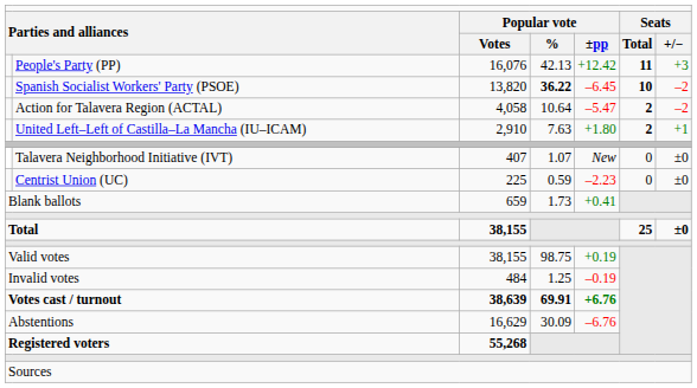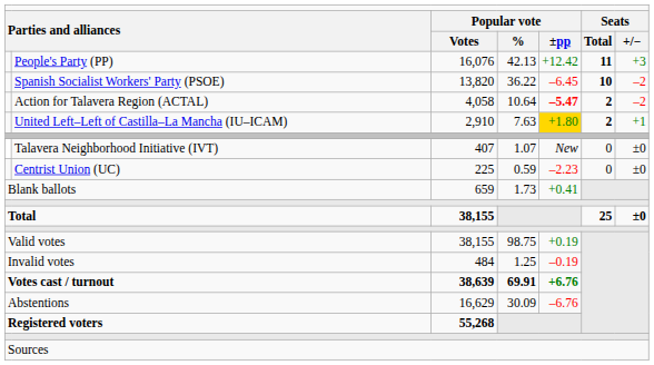 <table class="wikitable" style="text-align:right;">
 <tr>
 <td colspan="7"></td>
 </tr>
 <tr>
 <th style="text-align:left;" rowspan="2" colspan="2" width="525">Parties and alliances</th>
 <th colspan="3">Popular vote</th>
 <th colspan="2">Seats</th>
 </tr>
 <tr>
 <th width="75">Votes</th>
 <th width="45">%</th>
 <th width="45">±<a href='#'>pp</a></th>
 <th width="35">Total</th>
 <th width="35">+/−</th>
 </tr>
 <tr>
 <td width="1" style="color:inherit;background:"></td>
 <td align="left"><a href='#'>People's Party</a> (PP)</td>
 <td>16,076</td>
 <td>42.13</td>
 <td style="color:green;">+12.42</td>
 <td><strong>11</strong></td>
 <td style="color:green;">+3</td>
 </tr>
 <tr>
 <td style="color:inherit;background:"></td>
 <td align="left"><a href='#'>Spanish Socialist Workers' Party</a> (PSOE)</td>
 <td>13,820</td>
-<td><strong>36.22</strong></td>
+<td>36.22</td>
 <td style="color:red;">–6.45</td>
 <td><strong>10</strong></td>
 <td style="color:red;">–2</td>
 </tr>
 <tr>
 <td style="color:inherit;background:"></td>
 <td align="left">Action for Talavera Region (ACTAL)</td>
 <td>4,058</td>
 <td>10.64</td>
-<td style="color:red;">–5.47</td>
+<td style="color:red;"><strong>–5.47</strong></td>
 <td><strong>2</strong></td>
 <td style="color:red;">–2</td>
 </tr>
 <tr>
 <td style="color:inherit;background:"></td>
 <td align="left"><a href='#'>United Left–Left of Castilla–La Mancha</a> (IU–ICAM)</td>
 <td>2,910</td>
 <td>7.63</td>
-<td style="color:green;">+1.80</td>
+<td style="background: gold; color:green;">+1.80</td>
 <td><strong>2</strong></td>
 <td style="color:green;">+1</td>
 </tr>
 <tr>
 <td colspan="7" bgcolor="#C0C0C0"></td>
 </tr>
 <tr>
 <td bgcolor="white"></td>
 <td align="left">Talavera Neighborhood Initiative (IVT)</td>
 <td>407</td>
 <td>1.07</td>
 <td><em>New</em></td>
 <td>0</td>
 <td>±0</td>
 </tr>
 <tr>
 <td style="color:inherit;background:"></td>
 <td align="left"><a href='#'>Centrist Union</a> (UC)</td>
 <td>225</td>
 <td>0.59</td>
 <td style="color:red;">–2.23</td>
 <td>0</td>
 <td>±0</td>
 </tr>
 <tr>
 <td align="left" colspan="2">Blank ballots</td>
 <td>659</td>
 <td>1.73</td>
 <td style="color:green;">+0.41</td>
 <td bgcolor="#E9E9E9" colspan="2"></td>
 </tr>
 <tr>
 <td colspan="7" bgcolor="#E9E9E9"></td>
 </tr>
 <tr style="font-weight:bold;">
 <td align="left" colspan="2">Total</td>
 <td>38,155</td>
 <td bgcolor="#E9E9E9" colspan="2"></td>
 <td>25</td>
 <td>±0</td>
 </tr>
 <tr>
 <td colspan="7" bgcolor="#E9E9E9"></td>
 </tr>
 <tr>
 <td align="left" colspan="2">Valid votes</td>
 <td>38,155</td>
 <td>98.75</td>
 <td style="color:green;">+0.19</td>
 <td bgcolor="#E9E9E9" colspan="2" rowspan="5"></td>
 </tr>
 <tr>
 <td align="left" colspan="2">Invalid votes</td>
 <td>484</td>
 <td>1.25</td>
 <td style="color:red;">–0.19</td>
 </tr>
 <tr style="font-weight:bold;">
 <td align="left" colspan="2">Votes cast / turnout</td>
 <td>38,639</td>
 <td>69.91</td>
 <td style="color:green;">+6.76</td>
 </tr>
 <tr>
 <td align="left" colspan="2">Abstentions</td>
 <td>16,629</td>
 <td>30.09</td>
 <td style="color:red;">–6.76</td>
 </tr>
 <tr style="font-weight:bold;">
 <td align="left" colspan="2">Registered voters</td>
 <td>55,268</td>
 <td bgcolor="#E9E9E9" colspan="2"></td>
 </tr>
 <tr>
 <td colspan="7" bgcolor="#E9E9E9"></td>
 </tr>
 <tr>
 <td align="left" colspan="7">Sources</td>
 </tr>
 </table>
